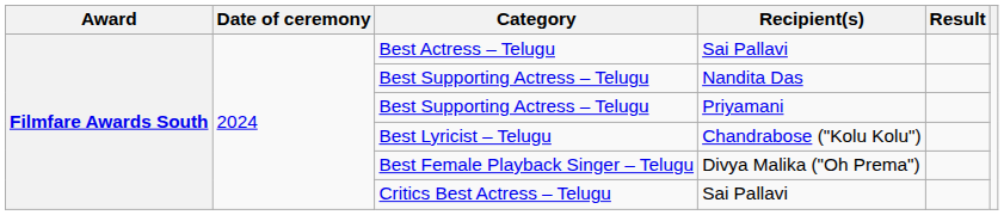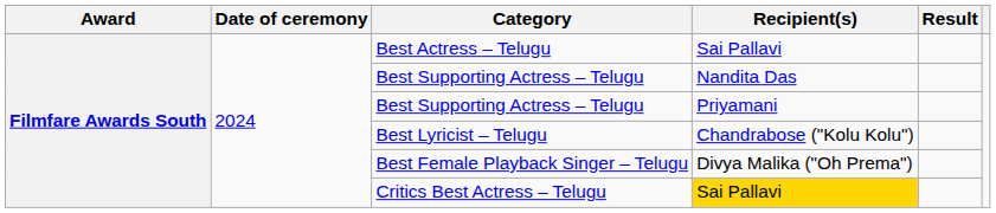 <table class="wikitable plainrowheaders sortable">
 <tr>
 <th scope="col">Award</th>
 <th scope="col">Date of ceremony</th>
 <th scope="col">Category</th>
 <th scope="col">Recipient(s)</th>
 <th scope="col">Result</th>
 <th scope="col" class="unsortable"></th>
 </tr>
 <tr>
 <th rowspan="6" scope="row"><a href='#'>Filmfare Awards South</a></th>
 <td rowspan="6"><a href='#'>2024</a></td>
 <td><a href='#'>Best Actress – Telugu</a></td>
 <td><a href='#'>Sai Pallavi</a></td>
 <td></td>
 <td rowspan="6"></td>
 </tr>
 <tr>
 <td><a href='#'>Best Supporting Actress – Telugu</a></td>
 <td><a href='#'>Nandita Das</a></td>
 <td></td>
 </tr>
 <tr>
 <td><a href='#'>Best Supporting Actress – Telugu</a></td>
 <td><a href='#'>Priyamani</a></td>
 <td></td>
 </tr>
 <tr>
 <td><a href='#'>Best Lyricist – Telugu</a></td>
 <td><a href='#'>Chandrabose</a> ("Kolu Kolu")</td>
 <td></td>
 </tr>
 <tr>
 <td><a href='#'>Best Female Playback Singer – Telugu</a></td>
 <td>Divya Malika ("Oh Prema")</td>
 <td></td>
 </tr>
 <tr>
 <td><a href='#'>Critics Best Actress – Telugu</a></td>
-<td>Sai Pallavi</td>
+<td style="background: gold;">Sai Pallavi</td>
 <td></td>
 </tr>
 </table>
